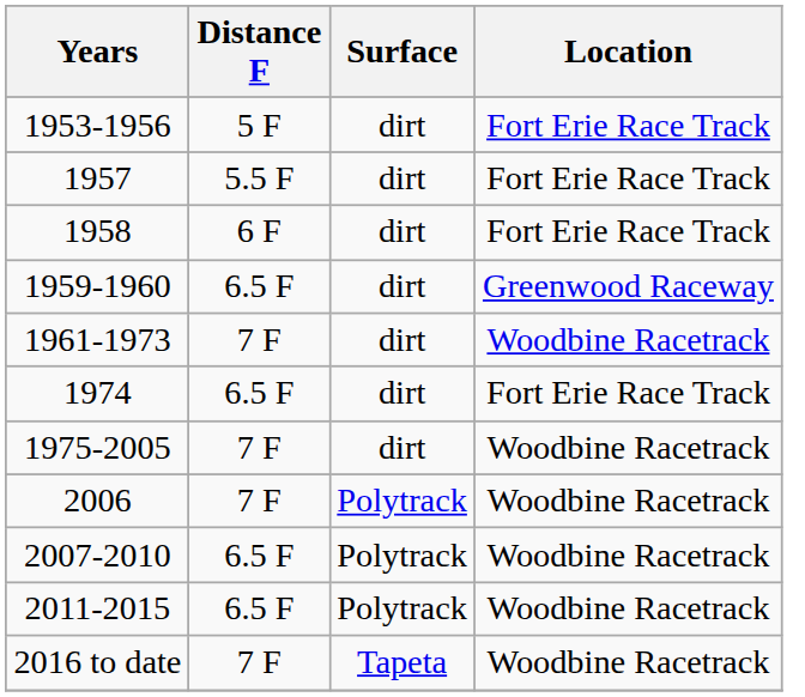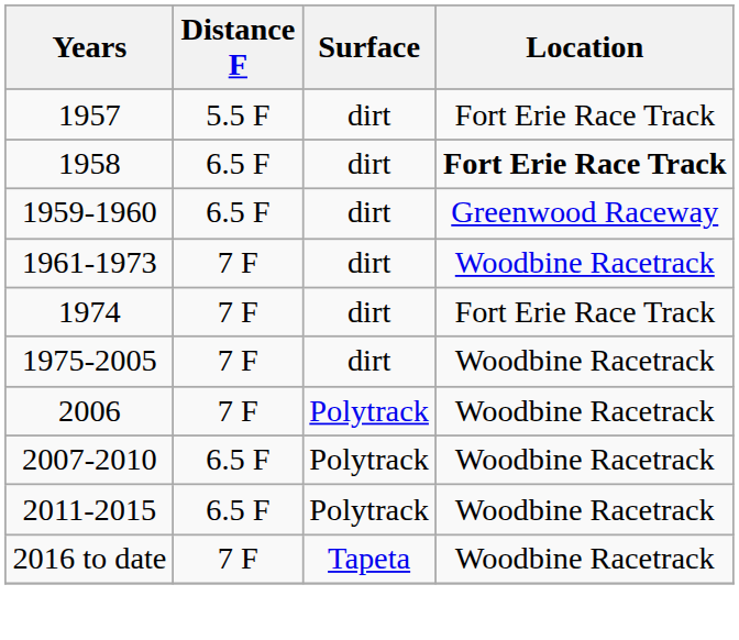 <table class="sortable wikitable" style="text-align: center;">
 <tr>
 <th scope="col">Years</th>
 <th scope="col">Distance<br><a href='#'>F</a></th>
 <th scope="col">Surface</th>
 <th scope="col">Location</th>
-</tr>
-<tr>
-<td>1953-1956</td>
-<td>5 F</td>
-<td>dirt</td>
-<td><a href='#'>Fort Erie Race Track</a></td>
 </tr>
 <tr>
 <td>1957</td>
 <td>5.5 F</td>
 <td>dirt</td>
 <td>Fort Erie Race Track</td>
 </tr>
 <tr>
 <td>1958</td>
-<td>6 F</td>
+<td>6.5 F</td>
 <td>dirt</td>
-<td>Fort Erie Race Track</td>
+<td><strong>Fort Erie Race Track</strong></td>
 </tr>
 <tr>
 <td>1959-1960</td>
 <td>6.5 F</td>
 <td>dirt</td>
 <td><a href='#'>Greenwood Raceway</a></td>
 </tr>
 <tr>
 <td>1961-1973</td>
 <td>7 F</td>
 <td>dirt</td>
 <td><a href='#'>Woodbine Racetrack</a></td>
 </tr>
 <tr>
 <td>1974</td>
-<td>6.5 F</td>
+<td>7 F</td>
 <td>dirt</td>
 <td>Fort Erie Race Track</td>
 </tr>
 <tr>
 <td>1975-2005</td>
 <td>7 F</td>
 <td>dirt</td>
 <td>Woodbine Racetrack</td>
 </tr>
 <tr>
 <td>2006</td>
 <td>7 F</td>
 <td><a href='#'>Polytrack</a></td>
 <td>Woodbine Racetrack</td>
 </tr>
 <tr>
 <td>2007-2010</td>
 <td>6.5 F</td>
 <td>Polytrack</td>
 <td>Woodbine Racetrack</td>
 </tr>
 <tr>
 <td>2011-2015</td>
 <td>6.5 F</td>
 <td>Polytrack</td>
 <td>Woodbine Racetrack</td>
 </tr>
 <tr>
 <td>2016 to date</td>
 <td>7 F</td>
 <td><a href='#'>Tapeta</a></td>
 <td>Woodbine Racetrack</td>
 </tr>
 <tr>
 </tr>
 </table>
